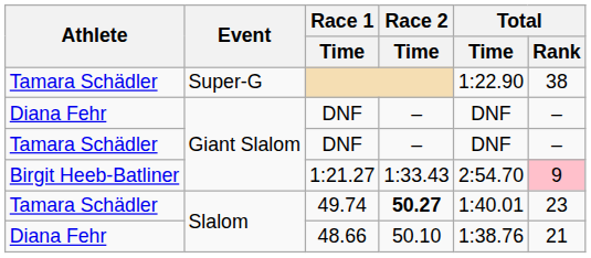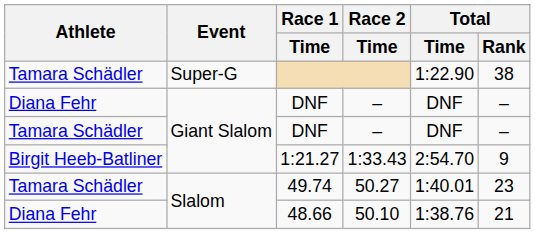 <table class="wikitable" style="font-size:90%">
 <tr>
 <th rowspan="2">Athlete</th>
 <th rowspan="2">Event</th>
 <th>Race 1</th>
 <th>Race 2</th>
 <th colspan="2">Total</th>
 </tr>
 <tr>
 <th>Time</th>
 <th>Time</th>
 <th>Time</th>
 <th>Rank</th>
 </tr>
 <tr>
 <td><a href='#'>Tamara Schädler</a></td>
 <td>Super-G</td>
 <td colspan="2" bgcolor="wheat"></td>
 <td align="center">1:22.90</td>
 <td align="center">38</td>
 </tr>
 <tr>
 <td><a href='#'>Diana Fehr</a></td>
 <td rowspan="3">Giant Slalom</td>
 <td align="center">DNF</td>
 <td align="center">–</td>
 <td align="center">DNF</td>
 <td align="center">–</td>
 </tr>
 <tr>
 <td><a href='#'>Tamara Schädler</a></td>
 <td align="center">DNF</td>
 <td align="center">–</td>
 <td align="center">DNF</td>
 <td align="center">–</td>
 </tr>
 <tr>
 <td><a href='#'>Birgit Heeb-Batliner</a></td>
 <td align="center">1:21.27</td>
 <td align="center">1:33.43</td>
 <td align="center">2:54.70</td>
-<td align="center" style="background: pink;">9</td>
+<td align="center">9</td>
 </tr>
 <tr>
 <td><a href='#'>Tamara Schädler</a></td>
 <td rowspan="2">Slalom</td>
 <td align="center">49.74</td>
-<td align="center"><strong>50.27</strong></td>
+<td align="center">50.27</td>
 <td align="center">1:40.01</td>
 <td align="center">23</td>
 </tr>
 <tr>
 <td><a href='#'>Diana Fehr</a></td>
 <td align="center">48.66</td>
 <td align="center">50.10</td>
 <td align="center">1:38.76</td>
 <td align="center">21</td>
 </tr>
 </table>
